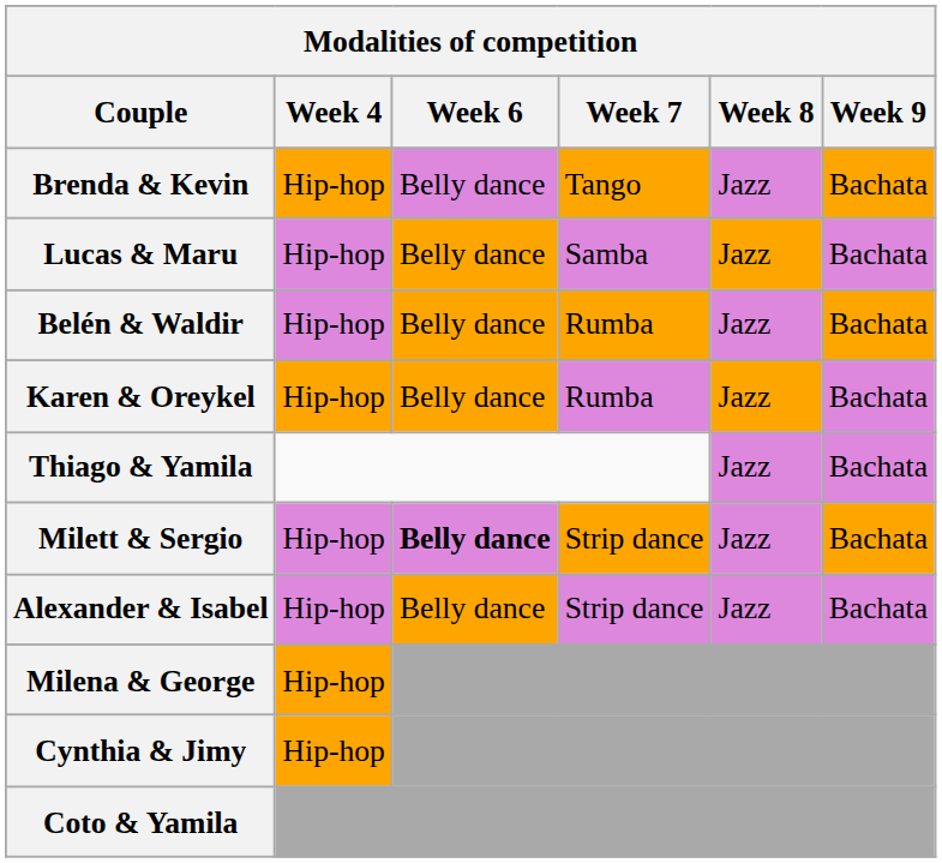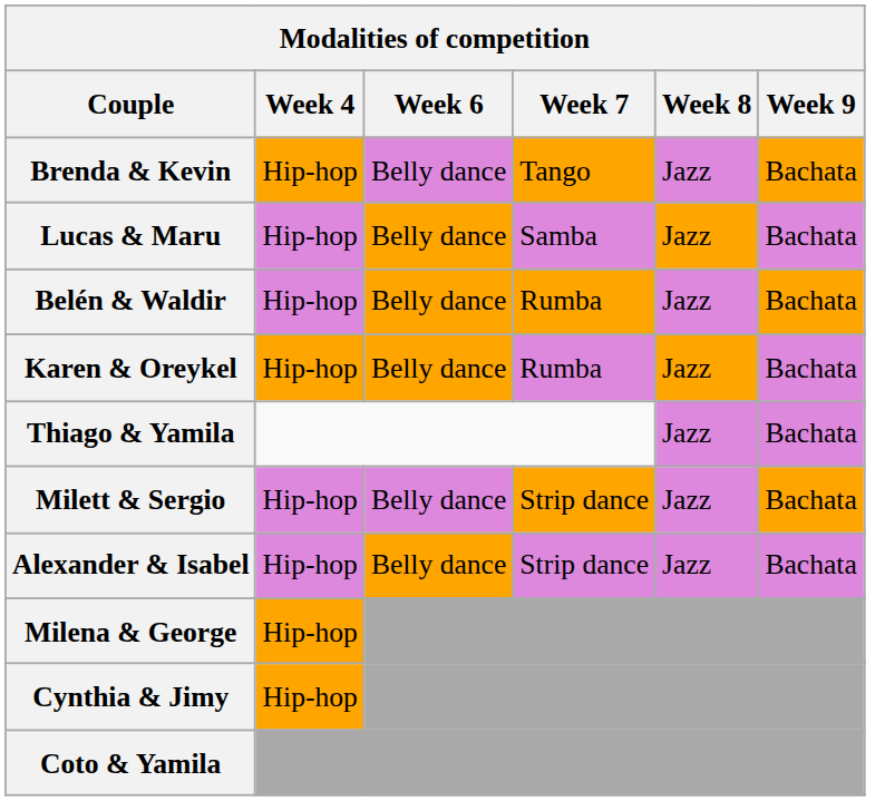 <table class="wikitable collapsible collapsed" style="text-align:left; font-size:85%; line-height:25px;">
 <tr>
 <th colspan=9>Modalities of competition</th>
 </tr>
 <tr>
 <th>Couple</th>
 <th>Week 4</th>
 <th>Week 6</th>
 <th>Week 7</th>
 <th>Week 8</th>
 <th>Week 9</th>
 </tr>
 <tr>
 <th>Brenda & Kevin</th>
 <td style="background:orange;">Hip-hop</td>
 <td style="background:#dd88dd;">Belly dance</td>
 <td style="background:orange;">Tango</td>
 <td style="background:#dd88dd;">Jazz</td>
 <td style="background:orange;">Bachata</td>
 </tr>
 <tr>
 <th>Lucas & Maru</th>
 <td style="background:#dd88dd;">Hip-hop</td>
 <td style="background:orange;">Belly dance</td>
 <td style="background:#dd88dd;">Samba</td>
 <td style="background:orange;">Jazz</td>
 <td style="background:#dd88dd;">Bachata</td>
 </tr>
 <tr>
 <th>Belén & Waldir</th>
 <td style="background:#dd88dd;">Hip-hop</td>
 <td style="background:orange;">Belly dance</td>
 <td style="background:orange;">Rumba</td>
 <td style="background:#dd88dd;">Jazz</td>
 <td style="background:orange;">Bachata</td>
 </tr>
 <tr>
 <th>Karen & Oreykel</th>
 <td style="background:orange;">Hip-hop</td>
 <td style="background:orange;">Belly dance</td>
 <td style="background:#dd88dd;">Rumba</td>
 <td style="background:orange;">Jazz</td>
 <td style="background:#dd88dd;">Bachata</td>
 </tr>
 <tr>
 <th>Thiago & Yamila</th>
 <td colspan=3></td>
 <td style="background:#dd88dd;">Jazz</td>
 <td style="background:#dd88dd;">Bachata</td>
 </tr>
 <tr>
 <th>Milett & Sergio</th>
 <td style="background:#dd88dd;">Hip-hop</td>
-<td style="background:#dd88dd;"><strong>Belly dance</strong></td>
+<td style="background:#dd88dd;">Belly dance</td>
 <td style="background:orange;">Strip dance</td>
 <td style="background:#dd88dd;">Jazz</td>
 <td style="background:orange;">Bachata</td>
 </tr>
 <tr>
 <th>Alexander & Isabel</th>
 <td style="background:#dd88dd;">Hip-hop</td>
 <td style="background:orange;">Belly dance</td>
 <td style="background:#dd88dd;">Strip dance</td>
 <td style="background:#dd88dd;">Jazz</td>
 <td style="background:#dd88dd;">Bachata</td>
 </tr>
 <tr>
 <th>Milena & George</th>
 <td style="background:orange;">Hip-hop</td>
 <td colspan=5 style="background:darkgrey;"></td>
 </tr>
 <tr>
 <th>Cynthia & Jimy</th>
 <td style="background:orange;">Hip-hop</td>
 <td colspan=5 style="background:darkgrey;"></td>
 </tr>
 <tr>
 <th>Coto & Yamila</th>
 <td colspan=6 style="background:darkgrey;"></td>
 </tr>
 </table>
